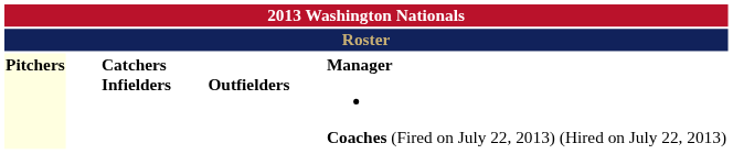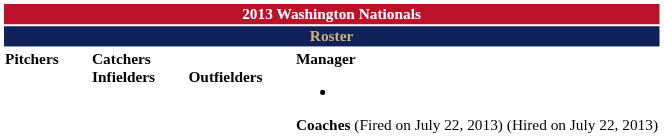 <table class="toccolours" style="font-size: 95%;">
 <tr>
 <th colspan="10" style="background-color: #ba122b; color: #FFFFFF; text-align: center;">2013 Washington Nationals</th>
 </tr>
 <tr>
 <td colspan="10" style="background-color: #11225b; color: #c9b074; text-align: center;"><strong>Roster</strong></td>
 </tr>
 <tr>
-<td valign="top" style="background: lightyellow;"><strong>Pitchers</strong><br>                    </td>
+<td valign="top"><strong>Pitchers</strong><br>                    </td>
 <td width="25px"></td>
 <td valign="top"><strong>Catchers</strong><br>    <strong>Infielders</strong>         </td>
 <td width="25px"></td>
 <td valign="top"><br><strong>Outfielders</strong>          </td>
 <td width="25px"></td>
 <td valign="top"><strong>Manager</strong><br><ul><li></li></ul><strong>Coaches</strong>   (Fired on July 22, 2013)           (Hired on July 22, 2013)  </td>
 </tr>
 <tr>
 </tr>
 </table>
